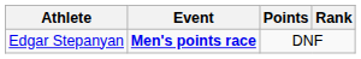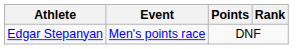 <table class="wikitable" style="text-align:center; font-size:90%">
 <tr>
 <th>Athlete</th>
 <th>Event</th>
 <th>Points</th>
 <th>Rank</th>
 </tr>
 <tr>
 <td align=left rowspan=2><a href='#'>Edgar Stepanyan</a></td>
-<td align=left><strong><a href='#'>Men's points race</a></strong></td>
+<td align=left><a href='#'>Men's points race</a></td>
 <td colspan=2>DNF</td>
 </tr>
 </table>
